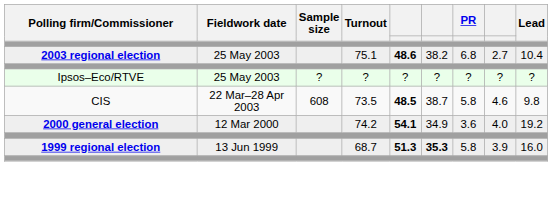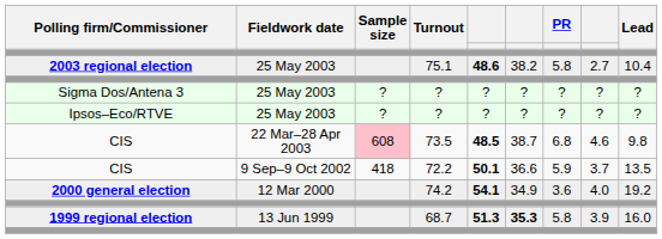 <table class="wikitable collapsible collapsed" style="text-align:center; font-size:95%; line-height:16px;">
 <tr style="height:42px;">
 <th style="width:250px;" rowspan="2">Polling firm/Commissioner</th>
 <th style="width:125px;" rowspan="2">Fieldwork date</th>
 <th style="width:50px;" rowspan="2">Sample size</th>
 <th style="width:45px;" rowspan="2">Turnout</th>
 <th style="width:35px;"></th>
 <th style="width:35px;"></th>
 <th style="width:35px;"><a href='#'>PR</a></th>
 <th style="width:35px;"></th>
 <th style="width:30px;" rowspan="2">Lead</th>
 </tr>
 <tr>
 <th style="color:inherit;background:"></th>
 <th style="color:inherit;background:"></th>
 <th style="color:inherit;background:"></th>
 <th style="color:inherit;background:"></th>
 </tr>
 <tr>
 <td colspan="9" style="background:#A0A0A0"></td>
 </tr>
 <tr style="background:#EFEFEF;">
 <td><strong><a href='#'>2003 regional election</a></strong></td>
 <td>25 May 2003</td>
 <td></td>
 <td>75.1</td>
 <td><strong>48.6</strong><br></td>
 <td>38.2<br></td>
-<td>6.8<br></td>
+<td>5.8<br></td>
 <td>2.7<br></td>
 <td style="background:">10.4</td>
 </tr>
 <tr>
 <td colspan="9" style="background:#A0A0A0"></td>
+</tr>
+<tr style="background:#EAFFEA;">
+<td>Sigma Dos/Antena 3</td>
+<td>25 May 2003</td>
+<td>?</td>
+<td>?</td>
+<td>?<br></td>
+<td>?<br></td>
+<td>?<br></td>
+<td>?<br></td>
+<td style="background:">?</td>
 </tr>
 <tr style="background:#EAFFEA;">
 <td>Ipsos–Eco/RTVE</td>
 <td>25 May 2003</td>
 <td>?</td>
 <td>?</td>
 <td>?<br></td>
 <td>?<br></td>
 <td>?<br></td>
 <td>?<br></td>
 <td style="background:">?</td>
 </tr>
 <tr>
 <td>CIS</td>
 <td>22 Mar–28 Apr 2003</td>
-<td>608</td>
+<td style="background: pink;">608</td>
 <td>73.5</td>
 <td><strong>48.5</strong><br></td>
 <td>38.7<br></td>
-<td>5.8<br></td>
+<td>6.8<br></td>
 <td>4.6<br></td>
 <td style="background:">9.8</td>
+</tr>
+<tr>
+<td>CIS</td>
+<td>9 Sep–9 Oct 2002</td>
+<td>418</td>
+<td>72.2</td>
+<td><strong>50.1</strong></td>
+<td>36.6</td>
+<td>5.9</td>
+<td>3.7</td>
+<td style="background:">13.5</td>
 </tr>
 <tr style="background:#EFEFEF;">
 <td><strong><a href='#'>2000 general election</a></strong></td>
 <td>12 Mar 2000</td>
 <td></td>
 <td>74.2</td>
 <td><strong>54.1</strong><br></td>
 <td>34.9<br></td>
 <td>3.6<br></td>
 <td>4.0<br></td>
 <td style="background:">19.2</td>
 </tr>
 <tr>
 <td colspan="9" style="background:#A0A0A0"></td>
 </tr>
 <tr style="background:#EFEFEF;">
 <td><strong><a href='#'>1999 regional election</a></strong></td>
 <td>13 Jun 1999</td>
 <td></td>
 <td>68.7</td>
 <td><strong>51.3</strong><br></td>
 <td><strong>35.3<br></strong></td>
 <td>5.8<br></td>
 <td>3.9<br></td>
 <td style="background:">16.0</td>
 </tr>
 <tr>
 <td colspan="9" style="background:#A0A0A0"></td>
 </tr>
 </table>
